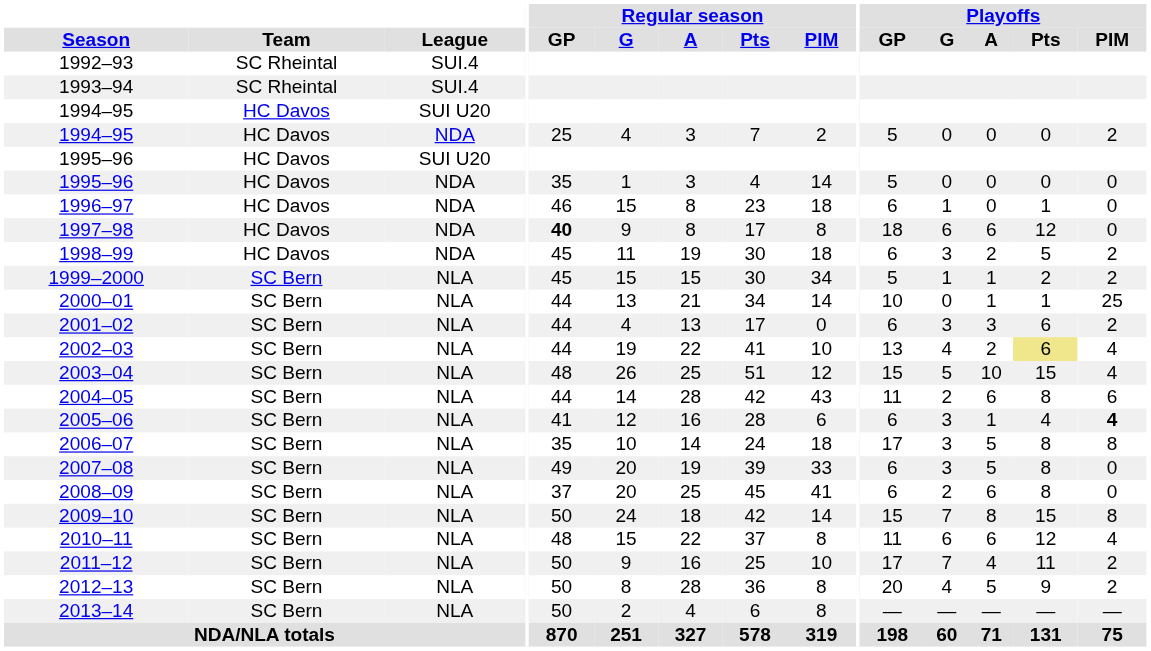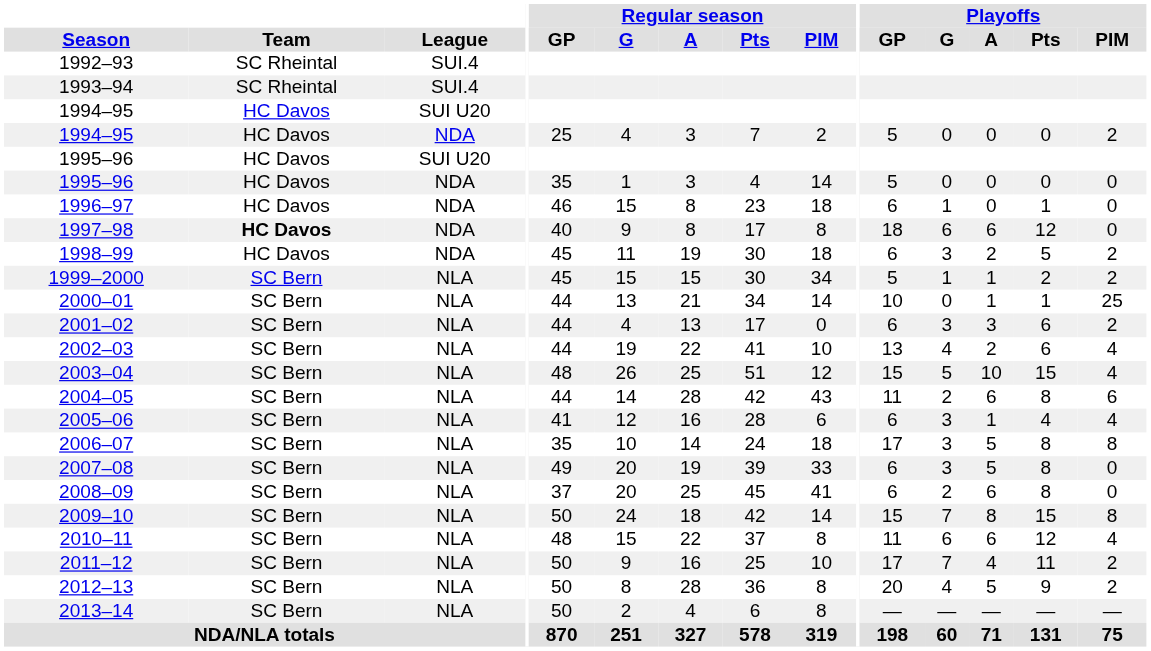 <table border="0" cellpadding="1" cellspacing="0" style="text-align:center; width:60em">
 <tr style="background:#e0e0e0;">
 <th colspan="3" style="background:#fff;"></th>
 <th rowspan="99" style="background:#fff;"></th>
 <th colspan="5"><a href='#'>Regular season</a></th>
 <th rowspan="99" style="background:#fff;"></th>
 <th colspan="5"><a href='#'>Playoffs</a></th>
 </tr>
 <tr style="background:#e0e0e0;">
 <th><a href='#'>Season</a></th>
 <th>Team</th>
 <th>League</th>
 <th>GP</th>
 <th><a href='#'>G</a></th>
 <th><a href='#'>A</a></th>
 <th><a href='#'>Pts</a></th>
 <th><a href='#'>PIM</a></th>
 <th>GP</th>
 <th>G</th>
 <th>A</th>
 <th>Pts</th>
 <th>PIM</th>
 </tr>
 <tr>
 <td>1992–93</td>
 <td>SC Rheintal</td>
 <td>SUI.4</td>
 <td></td>
 <td></td>
 <td></td>
 <td></td>
 <td></td>
 <td></td>
 <td></td>
 <td></td>
 <td></td>
 <td></td>
 </tr>
 <tr bgcolor="#f0f0f0">
 <td>1993–94</td>
 <td>SC Rheintal</td>
 <td>SUI.4</td>
 <td></td>
 <td></td>
 <td></td>
 <td></td>
 <td></td>
 <td></td>
 <td></td>
 <td></td>
 <td></td>
 <td></td>
 </tr>
 <tr>
 <td>1994–95</td>
 <td><a href='#'>HC Davos</a></td>
 <td>SUI U20</td>
 <td></td>
 <td></td>
 <td></td>
 <td></td>
 <td></td>
 <td></td>
 <td></td>
 <td></td>
 <td></td>
 <td></td>
 </tr>
 <tr bgcolor="#f0f0f0">
 <td><a href='#'>1994–95</a></td>
 <td>HC Davos</td>
 <td><a href='#'>NDA</a></td>
 <td>25</td>
 <td>4</td>
 <td>3</td>
 <td>7</td>
 <td>2</td>
 <td>5</td>
 <td>0</td>
 <td>0</td>
 <td>0</td>
 <td>2</td>
 </tr>
 <tr>
 <td>1995–96</td>
 <td>HC Davos</td>
 <td>SUI U20</td>
 <td></td>
 <td></td>
 <td></td>
 <td></td>
 <td></td>
 <td></td>
 <td></td>
 <td></td>
 <td></td>
 <td></td>
 </tr>
 <tr bgcolor="#f0f0f0">
 <td><a href='#'>1995–96</a></td>
 <td>HC Davos</td>
 <td>NDA</td>
 <td>35</td>
 <td>1</td>
 <td>3</td>
 <td>4</td>
 <td>14</td>
 <td>5</td>
 <td>0</td>
 <td>0</td>
 <td>0</td>
 <td>0</td>
 </tr>
 <tr>
 <td><a href='#'>1996–97</a></td>
 <td>HC Davos</td>
 <td>NDA</td>
 <td>46</td>
 <td>15</td>
 <td>8</td>
 <td>23</td>
 <td>18</td>
 <td>6</td>
 <td>1</td>
 <td>0</td>
 <td>1</td>
 <td>0</td>
 </tr>
 <tr bgcolor="#f0f0f0">
 <td><a href='#'>1997–98</a></td>
-<td>HC Davos</td>
+<td><strong>HC Davos</strong></td>
 <td>NDA</td>
-<td><strong>40</strong></td>
+<td>40</td>
 <td>9</td>
 <td>8</td>
 <td>17</td>
 <td>8</td>
 <td>18</td>
 <td>6</td>
 <td>6</td>
 <td>12</td>
 <td>0</td>
 </tr>
 <tr>
 <td><a href='#'>1998–99</a></td>
 <td>HC Davos</td>
 <td>NDA</td>
 <td>45</td>
 <td>11</td>
 <td>19</td>
 <td>30</td>
 <td>18</td>
 <td>6</td>
 <td>3</td>
 <td>2</td>
 <td>5</td>
 <td>2</td>
 </tr>
 <tr bgcolor="#f0f0f0">
 <td><a href='#'>1999–2000</a></td>
 <td><a href='#'>SC Bern</a></td>
 <td>NLA</td>
 <td>45</td>
 <td>15</td>
 <td>15</td>
 <td>30</td>
 <td>34</td>
 <td>5</td>
 <td>1</td>
 <td>1</td>
 <td>2</td>
 <td>2</td>
 </tr>
 <tr>
 <td><a href='#'>2000–01</a></td>
 <td>SC Bern</td>
 <td>NLA</td>
 <td>44</td>
 <td>13</td>
 <td>21</td>
 <td>34</td>
 <td>14</td>
 <td>10</td>
 <td>0</td>
 <td>1</td>
 <td>1</td>
 <td>25</td>
 </tr>
 <tr bgcolor="#f0f0f0">
 <td><a href='#'>2001–02</a></td>
 <td>SC Bern</td>
 <td>NLA</td>
 <td>44</td>
 <td>4</td>
 <td>13</td>
 <td>17</td>
 <td>0</td>
 <td>6</td>
 <td>3</td>
 <td>3</td>
 <td>6</td>
 <td>2</td>
 </tr>
 <tr>
 <td><a href='#'>2002–03</a></td>
 <td>SC Bern</td>
 <td>NLA</td>
 <td>44</td>
 <td>19</td>
 <td>22</td>
 <td>41</td>
 <td>10</td>
 <td>13</td>
 <td>4</td>
 <td>2</td>
-<td style="background: khaki;">6</td>
+<td>6</td>
 <td>4</td>
 </tr>
 <tr bgcolor="#f0f0f0">
 <td><a href='#'>2003–04</a></td>
 <td>SC Bern</td>
 <td>NLA</td>
 <td>48</td>
 <td>26</td>
 <td>25</td>
 <td>51</td>
 <td>12</td>
 <td>15</td>
 <td>5</td>
 <td>10</td>
 <td>15</td>
 <td>4</td>
 </tr>
 <tr>
 <td><a href='#'>2004–05</a></td>
 <td>SC Bern</td>
 <td>NLA</td>
 <td>44</td>
 <td>14</td>
 <td>28</td>
 <td>42</td>
 <td>43</td>
 <td>11</td>
 <td>2</td>
 <td>6</td>
 <td>8</td>
 <td>6</td>
 </tr>
 <tr bgcolor="#f0f0f0">
 <td><a href='#'>2005–06</a></td>
 <td>SC Bern</td>
 <td>NLA</td>
 <td>41</td>
 <td>12</td>
 <td>16</td>
 <td>28</td>
 <td>6</td>
 <td>6</td>
 <td>3</td>
 <td>1</td>
 <td>4</td>
-<td><strong>4</strong></td>
+<td>4</td>
 </tr>
 <tr>
 <td><a href='#'>2006–07</a></td>
 <td>SC Bern</td>
 <td>NLA</td>
 <td>35</td>
 <td>10</td>
 <td>14</td>
 <td>24</td>
 <td>18</td>
 <td>17</td>
 <td>3</td>
 <td>5</td>
 <td>8</td>
 <td>8</td>
 </tr>
 <tr bgcolor="#f0f0f0">
 <td><a href='#'>2007–08</a></td>
 <td>SC Bern</td>
 <td>NLA</td>
 <td>49</td>
 <td>20</td>
 <td>19</td>
 <td>39</td>
 <td>33</td>
 <td>6</td>
 <td>3</td>
 <td>5</td>
 <td>8</td>
 <td>0</td>
 </tr>
 <tr>
 <td><a href='#'>2008–09</a></td>
 <td>SC Bern</td>
 <td>NLA</td>
 <td>37</td>
 <td>20</td>
 <td>25</td>
 <td>45</td>
 <td>41</td>
 <td>6</td>
 <td>2</td>
 <td>6</td>
 <td>8</td>
 <td>0</td>
 </tr>
 <tr bgcolor="#f0f0f0">
 <td><a href='#'>2009–10</a></td>
 <td>SC Bern</td>
 <td>NLA</td>
 <td>50</td>
 <td>24</td>
 <td>18</td>
 <td>42</td>
 <td>14</td>
 <td>15</td>
 <td>7</td>
 <td>8</td>
 <td>15</td>
 <td>8</td>
 </tr>
 <tr>
 <td><a href='#'>2010–11</a></td>
 <td>SC Bern</td>
 <td>NLA</td>
 <td>48</td>
 <td>15</td>
 <td>22</td>
 <td>37</td>
 <td>8</td>
 <td>11</td>
 <td>6</td>
 <td>6</td>
 <td>12</td>
 <td>4</td>
 </tr>
 <tr bgcolor="#f0f0f0">
 <td><a href='#'>2011–12</a></td>
 <td>SC Bern</td>
 <td>NLA</td>
 <td>50</td>
 <td>9</td>
 <td>16</td>
 <td>25</td>
 <td>10</td>
 <td>17</td>
 <td>7</td>
 <td>4</td>
 <td>11</td>
 <td>2</td>
 </tr>
 <tr>
 <td><a href='#'>2012–13</a></td>
 <td>SC Bern</td>
 <td>NLA</td>
 <td>50</td>
 <td>8</td>
 <td>28</td>
 <td>36</td>
 <td>8</td>
 <td>20</td>
 <td>4</td>
 <td>5</td>
 <td>9</td>
 <td>2</td>
 </tr>
 <tr bgcolor="#f0f0f0">
 <td><a href='#'>2013–14</a></td>
 <td>SC Bern</td>
 <td>NLA</td>
 <td>50</td>
 <td>2</td>
 <td>4</td>
 <td>6</td>
 <td>8</td>
 <td>—</td>
 <td>—</td>
 <td>—</td>
 <td>—</td>
 <td>—</td>
 </tr>
 <tr bgcolor="#e0e0e0">
 <th colspan="3">NDA/NLA totals</th>
 <th>870</th>
 <th>251</th>
 <th>327</th>
 <th>578</th>
 <th>319</th>
 <th>198</th>
 <th>60</th>
 <th>71</th>
 <th>131</th>
 <th>75</th>
 </tr>
 </table>
